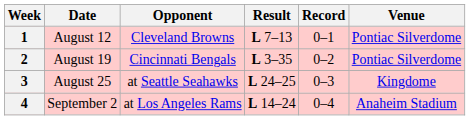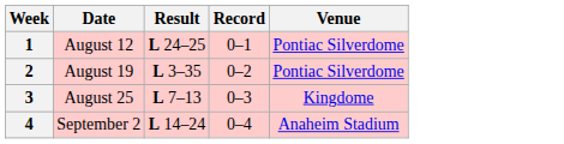 <table class="wikitable"  style="text-align: center;">
 <tr>
 <th>Week</th>
 <th>Date</th>
-<th>Opponent</th>
 <th>Result</th>
 <th>Record</th>
 <th>Venue</th>
 </tr>
 <tr style="background-color:#fcc">
 <th>1</th>
 <td>August 12</td>
-<td><a href='#'>Cleveland Browns</a></td>
-<td><strong>L</strong> 7–13</td>
+<td><strong>L</strong> 24–25</td>
 <td>0–1</td>
 <td><a href='#'>Pontiac Silverdome</a></td>
 </tr>
 <tr style="background-color:#fcc">
 <th>2</th>
 <td>August 19</td>
-<td><a href='#'>Cincinnati Bengals</a></td>
 <td><strong>L</strong> 3–35</td>
 <td>0–2</td>
 <td><a href='#'>Pontiac Silverdome</a></td>
 </tr>
 <tr style="background-color:#fcc">
 <th>3</th>
 <td>August 25</td>
-<td>at <a href='#'>Seattle Seahawks</a></td>
-<td><strong>L</strong> 24–25</td>
+<td><strong>L</strong> 7–13</td>
 <td>0–3</td>
 <td><a href='#'>Kingdome</a></td>
 </tr>
 <tr style="background-color:#fcc">
 <th>4</th>
 <td>September 2</td>
-<td>at <a href='#'>Los Angeles Rams</a></td>
 <td><strong>L</strong> 14–24</td>
 <td>0–4</td>
 <td><a href='#'>Anaheim Stadium</a></td>
 </tr>
 </table>
